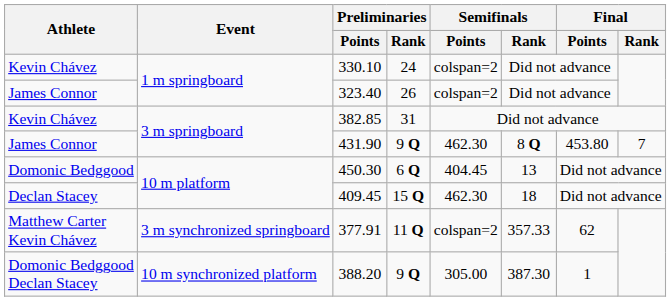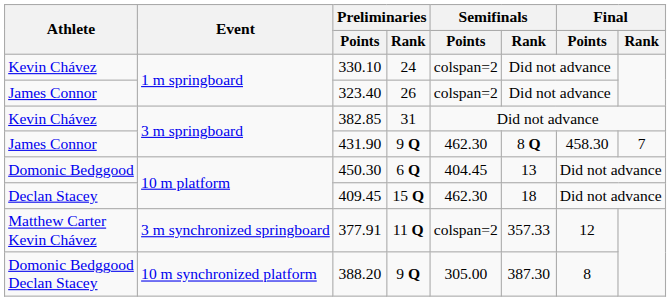 <table class=wikitable style="font-size:90%;">
 <tr>
 <th rowspan="2">Athlete</th>
 <th rowspan="2">Event</th>
 <th colspan="2">Preliminaries</th>
 <th colspan="2">Semifinals</th>
 <th colspan="2">Final</th>
 </tr>
 <tr style="font-size:95%">
 <th>Points</th>
 <th>Rank</th>
 <th>Points</th>
 <th>Rank</th>
 <th>Points</th>
 <th>Rank</th>
 </tr>
 <tr align=center>
 <td align=left><a href='#'>Kevin Chávez</a></td>
 <td align=left rowspan=2><a href='#'>1 m springboard</a></td>
 <td>330.10</td>
 <td>24</td>
 <td>colspan=2 </td>
 <td colspan=2>Did not advance</td>
 </tr>
 <tr align=center>
 <td align=left><a href='#'>James Connor</a></td>
 <td>323.40</td>
 <td>26</td>
 <td>colspan=2 </td>
 <td colspan=2>Did not advance</td>
 </tr>
 <tr align=center>
 <td align=left><a href='#'>Kevin Chávez</a></td>
 <td align=left rowspan=2><a href='#'>3 m springboard</a></td>
 <td>382.85</td>
 <td>31</td>
 <td colspan=4>Did not advance</td>
 </tr>
 <tr align=center>
 <td align=left><a href='#'>James Connor</a></td>
 <td>431.90</td>
 <td>9 <strong>Q</strong></td>
 <td>462.30</td>
 <td>8 <strong>Q</strong></td>
-<td>453.80</td>
+<td>458.30</td>
 <td>7</td>
 </tr>
 <tr align=center>
 <td align=left><a href='#'>Domonic Bedggood</a></td>
 <td align=left rowspan=2><a href='#'>10 m platform</a></td>
 <td>450.30</td>
 <td>6 <strong>Q</strong></td>
 <td>404.45</td>
 <td>13</td>
 <td colspan=2>Did not advance</td>
 </tr>
 <tr align=center>
 <td align=left><a href='#'>Declan Stacey</a></td>
 <td>409.45</td>
 <td>15 <strong>Q</strong></td>
 <td>462.30</td>
 <td>18</td>
 <td colspan=2>Did not advance</td>
 </tr>
 <tr align=center>
 <td align=left><a href='#'>Matthew Carter</a><br><a href='#'>Kevin Chávez</a></td>
 <td align=left><a href='#'>3 m synchronized springboard</a></td>
 <td>377.91</td>
 <td>11 <strong>Q</strong></td>
 <td>colspan=2 </td>
 <td>357.33</td>
-<td>62</td>
+<td>12</td>
 </tr>
 <tr align=center>
 <td align=left><a href='#'>Domonic Bedggood</a><br><a href='#'>Declan Stacey</a></td>
 <td align=left><a href='#'>10 m synchronized platform</a></td>
 <td>388.20</td>
 <td>9 <strong>Q</strong></td>
 <td>305.00</td>
 <td>387.30</td>
-<td>1</td>
+<td>8</td>
 </tr>
 </table>
